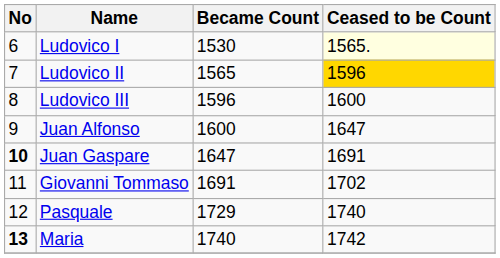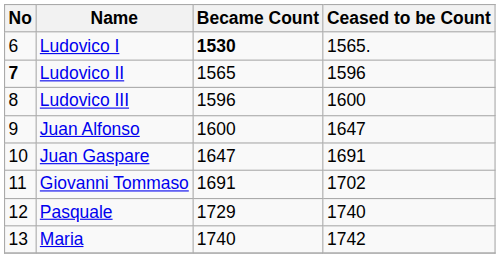 <table class="wikitable sortable">
 <tr>
 <th>No</th>
 <th>Name</th>
 <th>Became Count</th>
 <th>Ceased to be Count</th>
 </tr>
 <tr>
 <td>6</td>
 <td><a href='#'>Ludovico I</a></td>
-<td>1530</td>
-<td style="background: lightyellow;">1565.</td>
+<td><strong>1530</strong></td>
+<td>1565.</td>
 </tr>
 <tr>
-<td>7</td>
+<td><strong>7</strong></td>
 <td><a href='#'>Ludovico II</a></td>
 <td>1565</td>
-<td style="background: gold;">1596</td>
+<td>1596</td>
 </tr>
 <tr>
 <td>8</td>
 <td><a href='#'>Ludovico III</a></td>
 <td>1596</td>
 <td>1600</td>
 </tr>
 <tr>
 <td>9</td>
 <td><a href='#'>Juan Alfonso</a></td>
 <td>1600</td>
 <td>1647</td>
 </tr>
 <tr>
-<td><strong>10</strong></td>
+<td>10</td>
 <td><a href='#'>Juan Gaspare</a></td>
 <td>1647</td>
 <td>1691</td>
 </tr>
 <tr>
 <td>11</td>
 <td><a href='#'>Giovanni Tommaso</a></td>
 <td>1691</td>
 <td>1702</td>
 </tr>
 <tr>
 <td>12</td>
 <td><a href='#'>Pasquale</a></td>
 <td>1729</td>
 <td>1740</td>
 </tr>
 <tr>
-<td><strong>13</strong></td>
+<td>13</td>
 <td><a href='#'>Maria</a></td>
 <td>1740</td>
 <td>1742</td>
 </tr>
 <tr>
 </tr>
 </table>
